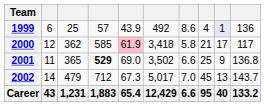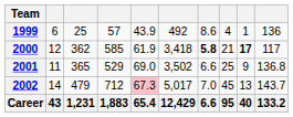 <table class="wikitable" style="text-align:center;">
 <tr>
 <th>Team</th>
 <th></th>
 <th></th>
 <th></th>
 <th></th>
 <th></th>
 <th></th>
 <th></th>
 <th></th>
 <th></th>
 </tr>
 <tr>
 <th><a href='#'>1999</a></th>
 <td>6</td>
 <td>25</td>
 <td>57</td>
 <td>43.9</td>
 <td>492</td>
 <td>8.6</td>
 <td>4</td>
-<td style="background: lavender;">1</td>
+<td>1</td>
 <td>136</td>
 </tr>
 <tr>
 <th><a href='#'>2000</a></th>
 <td>12</td>
 <td>362</td>
 <td>585</td>
-<td style="background: pink;">61.9</td>
+<td>61.9</td>
 <td>3,418</td>
-<td>5.8</td>
+<td><strong>5.8</strong></td>
 <td>21</td>
-<td>17</td>
+<td><strong>17</strong></td>
 <td>117</td>
 </tr>
 <tr>
 <th><a href='#'>2001</a></th>
 <td>11</td>
 <td>365</td>
-<td><strong>529</strong></td>
+<td>529</td>
 <td>69.0</td>
 <td>3,502</td>
 <td>6.6</td>
 <td>25</td>
 <td>9</td>
 <td>136.8</td>
 </tr>
 <tr>
 <th><a href='#'>2002</a></th>
 <td>14</td>
 <td>479</td>
 <td>712</td>
-<td>67.3</td>
+<td style="background: pink;">67.3</td>
 <td>5,017</td>
 <td>7.0</td>
 <td>45</td>
 <td>13</td>
 <td>143.7</td>
 </tr>
 <tr>
 <th>Career</th>
 <th>43</th>
 <th>1,231</th>
 <th>1,883</th>
 <th>65.4</th>
 <th>12,429</th>
 <th>6.6</th>
 <th>95</th>
 <th>40</th>
 <th>133.2</th>
 </tr>
 </table>
